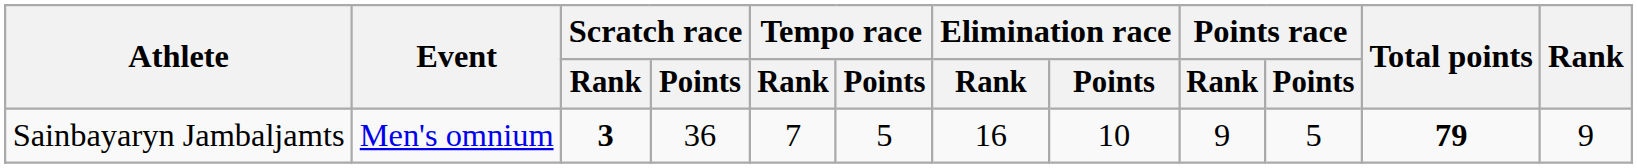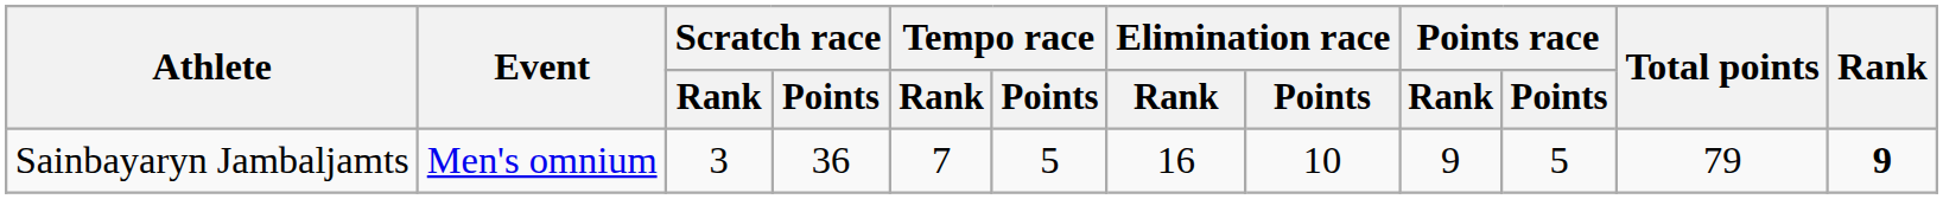 <table class=wikitable style=font-size:90%;text-align:center>
 <tr>
 <th rowspan="2">Athlete</th>
 <th rowspan="2">Event</th>
 <th colspan=2>Scratch race</th>
 <th colspan=2>Tempo race</th>
 <th colspan=2>Elimination race</th>
 <th colspan=2>Points race</th>
 <th rowspan=2>Total points</th>
 <th rowspan=2>Rank</th>
 </tr>
 <tr style="font-size:95%">
 <th>Rank</th>
 <th>Points</th>
 <th>Rank</th>
 <th>Points</th>
 <th>Rank</th>
 <th>Points</th>
 <th>Rank</th>
 <th>Points</th>
 </tr>
 <tr>
 <td align=left>Sainbayaryn Jambaljamts</td>
 <td align=left><a href='#'>Men's omnium</a></td>
-<td><strong>3</strong></td>
+<td>3</td>
 <td>36</td>
 <td>7</td>
 <td>5</td>
 <td>16</td>
 <td>10</td>
 <td>9</td>
 <td>5</td>
-<td><strong>79</strong></td>
-<td>9</td>
+<td>79</td>
+<td><strong>9</strong></td>
 </tr>
 </table>
